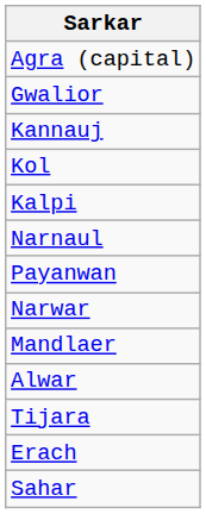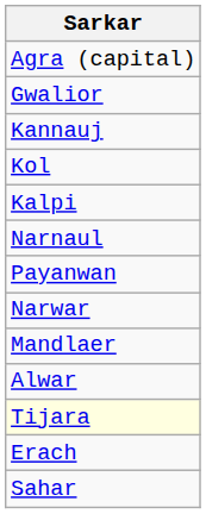 <table class="wikitable">
 <tr>
 <th>Sarkar</th>
 </tr>
 <tr>
 <td><a href='#'>Agra</a> (capital)</td>
 </tr>
 <tr>
 <td><a href='#'>Gwalior</a></td>
 </tr>
 <tr>
 <td><a href='#'>Kannauj</a></td>
 </tr>
 <tr>
 <td><a href='#'>Kol</a></td>
 </tr>
 <tr>
 <td><a href='#'>Kalpi</a></td>
 </tr>
 <tr>
 <td><a href='#'>Narnaul</a></td>
 </tr>
 <tr>
 <td><a href='#'>Payanwan</a></td>
 </tr>
 <tr>
 <td><a href='#'>Narwar</a></td>
 </tr>
 <tr>
 <td><a href='#'>Mandlaer</a></td>
 </tr>
 <tr>
 <td><a href='#'>Alwar</a></td>
 </tr>
 <tr>
-<td><a href='#'>Tijara</a></td>
+<td style="background: lightyellow;"><a href='#'>Tijara</a></td>
 </tr>
 <tr>
 <td><a href='#'>Erach</a></td>
 </tr>
 <tr>
 <td><a href='#'>Sahar</a></td>
 </tr>
 </table>
